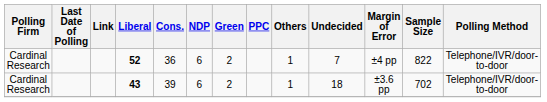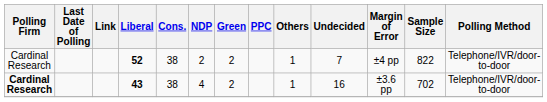 <table class="wikitable sortable" style="text-align:center;font-size:90%;line-height:14px;">
 <tr style="background:#e9e9e9;">
 <th style="width:120px">Polling Firm</th>
 <th style="width:110px">Last Date<br>of Polling</th>
 <th style="width:60px" class="unsortable">Link</th>
 <th style="background-color:"><a href='#'>Liberal</a></th>
 <th style="background-color:"><a href='#'>Cons.</a></th>
 <th style="background-color:"><a href='#'>NDP</a></th>
 <th style="background-color:"><a href='#'>Green</a></th>
 <th style="background-color:"><a href='#'><span>PPC</span></a></th>
 <th style="background-color:">Others</th>
 <th style="background-color:">Undecided</th>
 <th style="width:60px;" class=unsortable>Margin<br>of Error</th>
 <th style="width:50px;" class=unsortable>Sample<br>Size</th>
 <th class=unsortable>Polling Method</th>
 </tr>
 <tr>
 <td>Cardinal Research</td>
 <td></td>
 <td></td>
 <td><strong>52</strong></td>
-<td>36</td>
-<td>6</td>
+<td>38</td>
+<td>2</td>
 <td>2</td>
 <td></td>
 <td>1</td>
 <td>7</td>
 <td>±4 pp</td>
 <td>822</td>
 <td>Telephone/IVR/door-to-door</td>
 </tr>
 <tr>
-<td>Cardinal Research</td>
+<td><strong>Cardinal Research</strong></td>
 <td></td>
 <td></td>
 <td><strong>43</strong></td>
-<td>39</td>
-<td>6</td>
+<td>38</td>
+<td>4</td>
 <td>2</td>
 <td></td>
 <td>1</td>
-<td>18</td>
+<td>16</td>
 <td>±3.6 pp</td>
 <td>702</td>
 <td>Telephone/IVR/door-to-door</td>
 </tr>
 <tr>
 </tr>
 </table>
